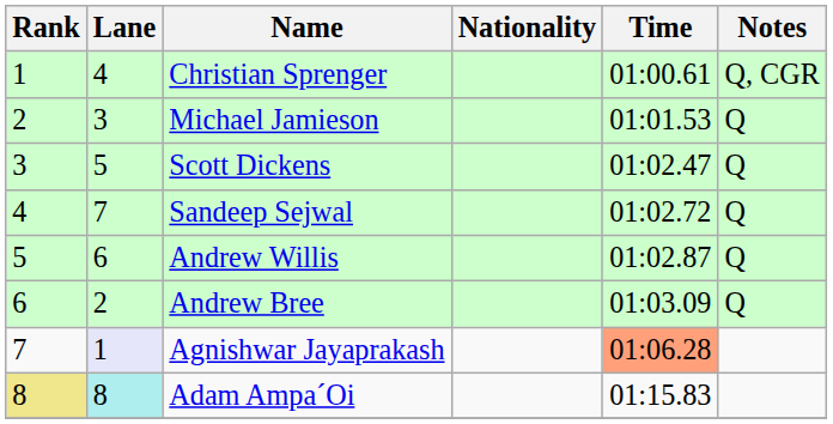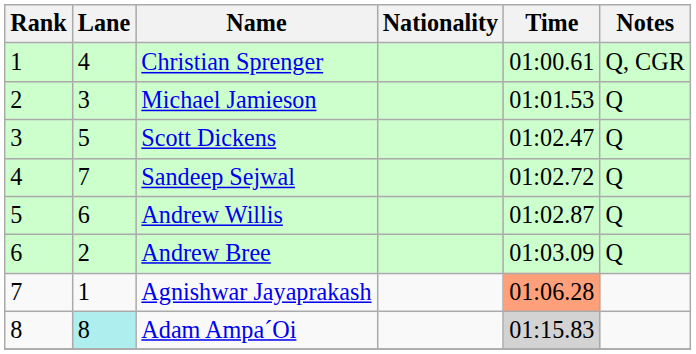 <table class="wikitable">
 <tr>
 <th>Rank</th>
 <th>Lane</th>
 <th>Name</th>
 <th>Nationality</th>
 <th>Time</th>
 <th>Notes</th>
 </tr>
 <tr bgcolor=ccffcc>
 <td>1</td>
 <td>4</td>
 <td><a href='#'>Christian Sprenger</a></td>
 <td></td>
 <td>01:00.61</td>
 <td>Q, CGR</td>
 </tr>
 <tr bgcolor=ccffcc>
 <td>2</td>
 <td>3</td>
 <td><a href='#'>Michael Jamieson</a></td>
 <td></td>
 <td>01:01.53</td>
 <td>Q</td>
 </tr>
 <tr bgcolor=ccffcc>
 <td>3</td>
 <td>5</td>
 <td><a href='#'>Scott Dickens</a></td>
 <td></td>
 <td>01:02.47</td>
 <td>Q</td>
 </tr>
 <tr bgcolor=ccffcc>
 <td>4</td>
 <td>7</td>
 <td><a href='#'>Sandeep Sejwal</a></td>
 <td></td>
 <td>01:02.72</td>
 <td>Q</td>
 </tr>
 <tr bgcolor=ccffcc>
 <td>5</td>
 <td>6</td>
 <td><a href='#'>Andrew Willis</a></td>
 <td></td>
 <td>01:02.87</td>
 <td>Q</td>
 </tr>
 <tr bgcolor=ccffcc>
 <td>6</td>
 <td>2</td>
 <td><a href='#'>Andrew Bree</a></td>
 <td></td>
 <td>01:03.09</td>
 <td>Q</td>
 </tr>
 <tr>
 <td>7</td>
-<td style="background: lavender;">1</td>
+<td>1</td>
 <td><a href='#'>Agnishwar Jayaprakash</a></td>
 <td></td>
 <td style="background: lightsalmon;">01:06.28</td>
 <td></td>
 </tr>
 <tr>
-<td style="background: khaki;">8</td>
+<td>8</td>
 <td style="background: paleturquoise;">8</td>
 <td><a href='#'>Adam Ampa´Oi</a></td>
 <td></td>
-<td>01:15.83</td>
+<td style="background: lightgrey;">01:15.83</td>
 <td></td>
 </tr>
 <tr>
 </tr>
 </table>
